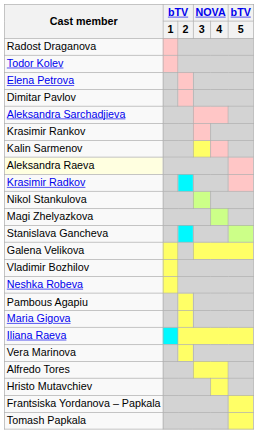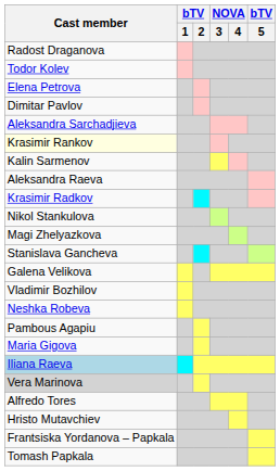 <table class="wikitable" style="margin:left; font-size:100%">
 <tr>
 <th rowspan="2">Cast member</th>
 <th colspan="2"><a href='#'>bTV</a></th>
 <th colspan="2"><a href='#'>NOVA</a></th>
 <th colspan="1"><a href='#'>bTV</a></th>
 </tr>
 <tr>
 <th width="15">1</th>
 <th width="15">2</th>
 <th width="15">3</th>
 <th width="15">4</th>
 <th width="15">5</th>
 </tr>
 <tr>
 <td>Radost Draganova</td>
 <td colspan="1" style="background:#ffc6c6;"></td>
 <td colspan="4" style="background:lightgrey;"></td>
 </tr>
 <tr>
 <td><a href='#'>Todor Kolev</a></td>
 <td colspan="1" style="background:#ffc6c6;"></td>
 <td colspan="4" style="background:lightgrey;"></td>
 </tr>
 <tr>
 <td><a href='#'>Elena Petrova</a></td>
 <td colspan="1" style="background:lightgrey;"></td>
 <td colspan="1" style="background:#ffc6c6;"></td>
 <td colspan="3" style="background:lightgrey;"></td>
 </tr>
 <tr>
 <td>Dimitar Pavlov</td>
 <td colspan="1" style="background:lightgrey;"></td>
 <td colspan="1" style="background:#ffc6c6;"></td>
 <td colspan="3" style="background:lightgrey;"></td>
 </tr>
 <tr>
 <td><a href='#'>Aleksandra Sarchadjieva</a></td>
 <td colspan="2" style="background:lightgrey;"></td>
 <td colspan="2" style="background:#ffc6c6;"></td>
 <td colspan="1" style="background:lightgrey;"></td>
 </tr>
 <tr>
-<td>Krasimir Rankov</td>
+<td style="background: lightyellow;">Krasimir Rankov</td>
 <td colspan="2" style="background:lightgrey;"></td>
 <td colspan="1" style="background:#ffc6c6;"></td>
 <td colspan="2" style="background:lightgrey;"></td>
 </tr>
 <tr>
 <td>Kalin Sarmenov</td>
 <td colspan="2" style="background:lightgrey;"></td>
 <td colspan="1" style="background:#FF6;"></td>
 <td colspan="1" style="background:#ffc6c6;"></td>
 <td colspan="1" style="background:lightgrey;"></td>
 </tr>
 <tr>
-<td style="background: lightyellow;">Aleksandra Raeva</td>
+<td>Aleksandra Raeva</td>
 <td colspan="4" style="background:lightgrey;"></td>
 <td colspan="1" style="background:#ffc6c6;"></td>
 </tr>
 <tr>
 <td><a href='#'>Krasimir Radkov</a></td>
 <td colspan="1" style="background:lightgrey;"></td>
 <td colspan="1" style="background:#00f9ff;"></td>
 <td colspan="2" style="background:lightgrey;"></td>
 <td colspan="1" style="background:#ffc6c6;"></td>
 </tr>
 <tr>
 <td>Nikol Stankulova</td>
 <td colspan="2" style="background:lightgrey;"></td>
 <td colspan="1" style="background:#ccff88;"></td>
 <td colspan="2" style="background:lightgrey;"></td>
 </tr>
 <tr>
 <td>Magi Zhelyazkova</td>
 <td colspan="3" style="background:lightgrey;"></td>
 <td colspan="1" style="background:#ccff88;"></td>
 <td colspan="1" style="background:lightgrey;"></td>
 </tr>
 <tr>
 <td>Stanislava Gancheva</td>
 <td colspan="1" style="background:lightgrey;"></td>
 <td colspan="1" style="background:#00f9ff;"></td>
 <td colspan="2" style="background:lightgrey;"></td>
 <td colspan="1" style="background:#ccff88;"></td>
 </tr>
 <tr>
 <td>Galena Velikova</td>
 <td colspan="1" style="background:#FF6;"></td>
 <td colspan="1" style="background:lightgrey;"></td>
 <td colspan="3" style="background:#FF6;"></td>
 </tr>
 <tr>
 <td>Vladimir Bozhilov</td>
 <td colspan="1" style="background:#FF6;"></td>
 <td colspan="4" style="background:lightgrey;"></td>
 </tr>
 <tr>
 <td><a href='#'>Neshka Robeva</a></td>
 <td colspan="1" style="background:#FF6;"></td>
 <td colspan="4" style="background:lightgrey;"></td>
 </tr>
 <tr>
 <td>Pambous Agapiu</td>
 <td colspan="1" style="background:lightgrey;"></td>
 <td colspan="1" style="background:#FF6;"></td>
 <td colspan="3" style="background:lightgrey;"></td>
 </tr>
 <tr>
 <td><a href='#'>Maria Gigova</a></td>
 <td colspan="1" style="background:lightgrey;"></td>
 <td colspan="1" style="background:#FF6;"></td>
 <td colspan="3" style="background:lightgrey;"></td>
 </tr>
 <tr>
-<td><a href='#'>Iliana Raeva</a></td>
+<td style="background: lightblue;"><a href='#'>Iliana Raeva</a></td>
 <td colspan="1" style="background:#00f9ff;"></td>
 <td colspan="4" style="background:#FF6;"></td>
 </tr>
 <tr>
-<td>Vera Marinova</td>
+<td style="background: lightgrey;">Vera Marinova</td>
 <td colspan="1" style="background:lightgrey;"></td>
 <td colspan="1" style="background:#FF6;"></td>
 <td colspan="3" style="background:lightgrey;"></td>
 </tr>
 <tr>
 <td>Alfredo Tores</td>
 <td colspan="2" style="background:lightgrey;"></td>
 <td colspan="2" style="background:#FF6;"></td>
 <td colspan="1" style="background:lightgrey;"></td>
 </tr>
 <tr>
 <td>Hristo Mutavchiev</td>
 <td colspan="3" style="background:lightgrey;"></td>
 <td colspan="1" style="background:#FF6;"></td>
 <td colspan="1" style="background:lightgrey;"></td>
 </tr>
 <tr>
 <td>Frantsiska Yordanova – Papkala</td>
 <td colspan="4" style="background:lightgrey;"></td>
 <td colspan="1" style="background:#FF6;"></td>
 </tr>
 <tr>
 <td>Tomash Papkala</td>
 <td colspan="4" style="background:lightgrey;"></td>
 <td colspan="1" style="background:#FF6;"></td>
 </tr>
 </table>
